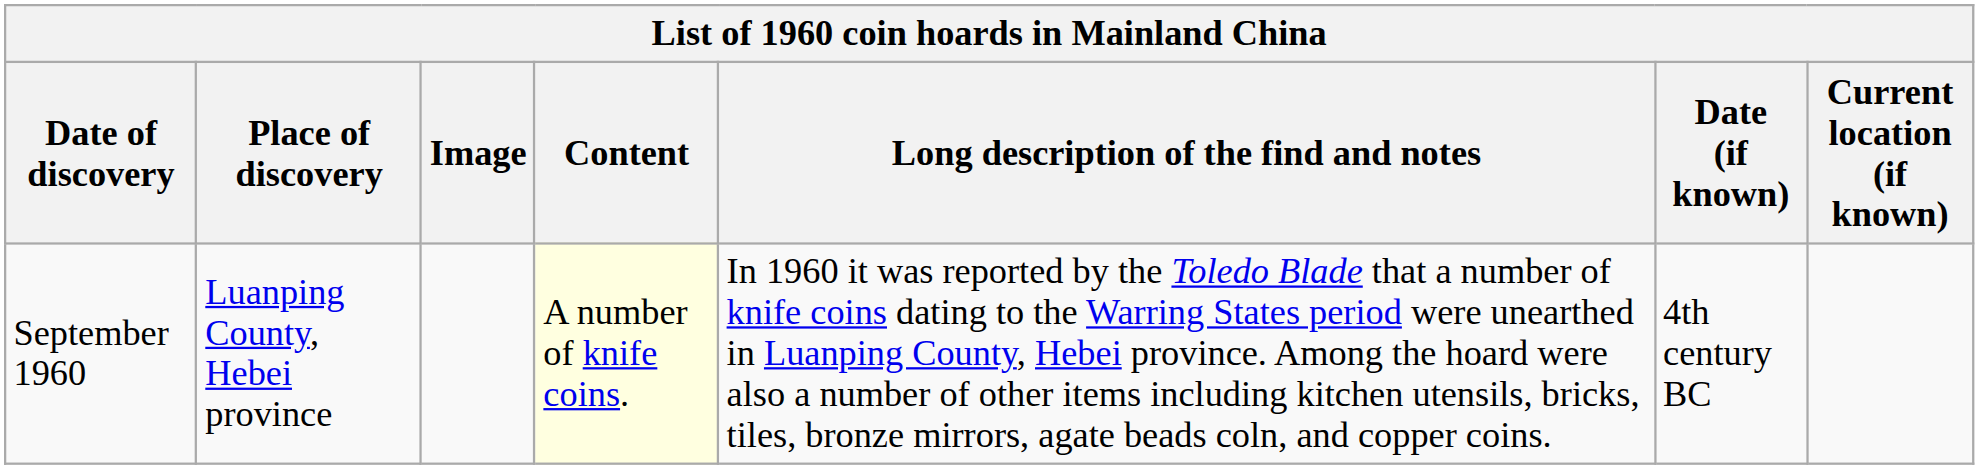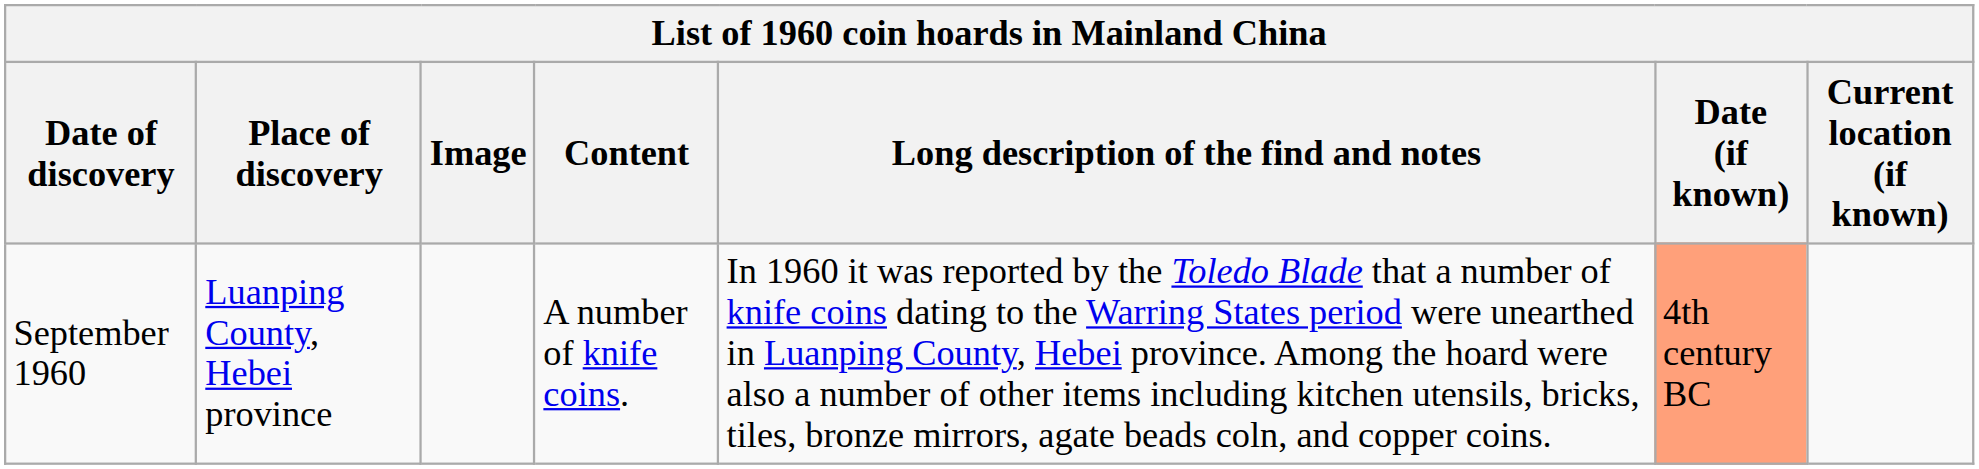 <table class="wikitable" style="font-size: 100%">
 <tr>
 <th colspan=7>List of 1960 coin hoards in Mainland China</th>
 </tr>
 <tr>
 <th>Date of discovery</th>
 <th>Place of discovery</th>
 <th>Image</th>
 <th>Content</th>
 <th>Long description of the find and notes</th>
 <th>Date<br>(if known)</th>
 <th>Current location<br>(if known)</th>
 </tr>
 <tr>
 <td>September 1960</td>
 <td><a href='#'>Luanping County</a>, <a href='#'>Hebei</a> province</td>
 <td></td>
-<td style="background: lightyellow;">A number of <a href='#'>knife coins</a>.</td>
+<td>A number of <a href='#'>knife coins</a>.</td>
 <td>In 1960 it was reported by the <em><a href='#'>Toledo Blade</a></em> that a number of <a href='#'>knife coins</a> dating to the <a href='#'>Warring States period</a> were unearthed in <a href='#'>Luanping County</a>, <a href='#'>Hebei</a> province. Among the hoard were also a number of other items including kitchen utensils, bricks, tiles, bronze mirrors, agate beads coln, and copper coins.</td>
-<td>4th century BC</td>
+<td style="background: lightsalmon;">4th century BC</td>
 <td></td>
 </tr>
 </table>
